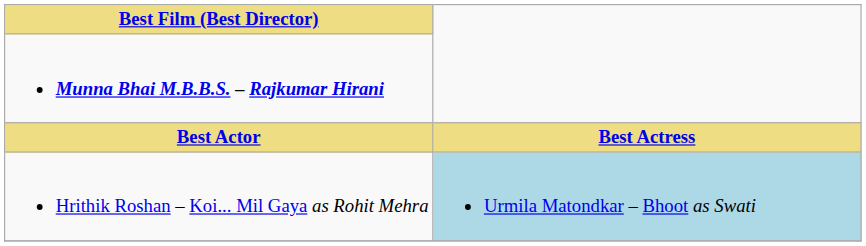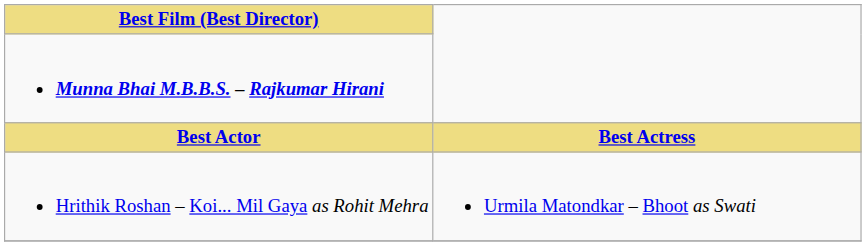 <table class="wikitable">
 <tr>
 <th style="background:#EEDD82; width:50%;"><a href='#'>Best Film (Best Director)</a></th>
 </tr>
 <tr>
 <td><br><ul><li><strong><em><a href='#'>Munna Bhai M.B.B.S.</a><em> – <a href='#'>Rajkumar Hirani</a><strong></li></ul></td>
 </tr>
 <tr>
 <th style="background:#EEDD82; width:50%;"><a href='#'>Best Actor</a></th>
 <th style="background:#EEDD82; width:50%;"><a href='#'>Best Actress</a></th>
 </tr>
 <tr>
 <td><br><ul><li></strong><a href='#'>Hrithik Roshan</a> – </em><a href='#'>Koi... Mil Gaya</a><em> as Rohit Mehra<strong></li></ul></td>
-<td style="background: lightblue;"><br><ul><li></strong><a href='#'>Urmila Matondkar</a> – </em><a href='#'>Bhoot</a><em> as Swati<strong></li></ul></td>
+<td><br><ul><li></strong><a href='#'>Urmila Matondkar</a> – </em><a href='#'>Bhoot</a><em> as Swati<strong></li></ul></td>
 </tr>
 <tr>
 </tr>
 </table>
